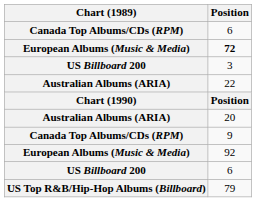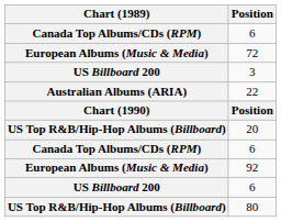 <table class="wikitable sortable plainrowheaders" style="text-align:center">
 <tr>
 <th>Chart (1989)</th>
 <th>Position</th>
 </tr>
 <tr>
 <th scope="row">Canada Top Albums/CDs (<em>RPM</em>)</th>
 <td>6</td>
 </tr>
 <tr>
 <th scope="row">European Albums (<em>Music & Media</em>)</th>
-<td><strong>72</strong></td>
+<td>72</td>
 </tr>
 <tr>
 <th scope="row">US <em>Billboard</em> 200</th>
 <td>3</td>
 </tr>
 <tr>
 <th scope="row">Australian Albums (ARIA)</th>
 <td>22</td>
 </tr>
 <tr>
 <th>Chart (1990)</th>
 <th>Position</th>
 </tr>
 <tr>
-<th scope="row">Australian Albums (ARIA)</th>
+<th scope="row">US Top R&B/Hip-Hop Albums (<em>Billboard</em>)</th>
 <td>20</td>
 </tr>
 <tr>
 <th scope="row">Canada Top Albums/CDs (<em>RPM</em>)</th>
-<td>9</td>
+<td>6</td>
 </tr>
 <tr>
 <th scope="row">European Albums (<em>Music & Media</em>)</th>
 <td>92</td>
 </tr>
 <tr>
 <th scope="row">US <em>Billboard</em> 200</th>
 <td>6</td>
 </tr>
 <tr>
 <th scope="row">US Top R&B/Hip-Hop Albums (<em>Billboard</em>)</th>
-<td>79</td>
+<td>80</td>
 </tr>
 </table>
